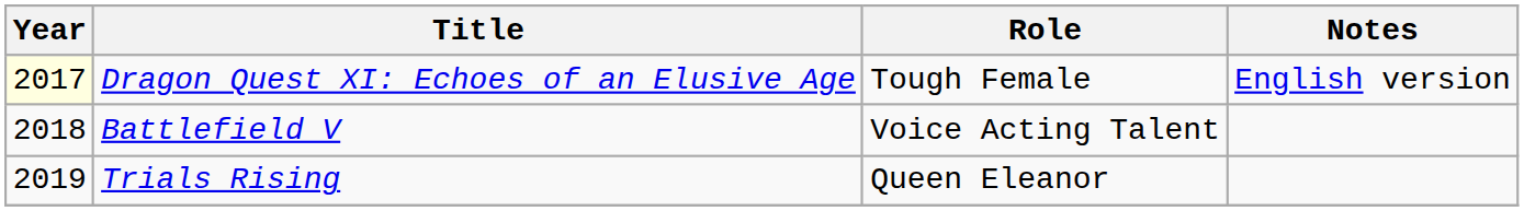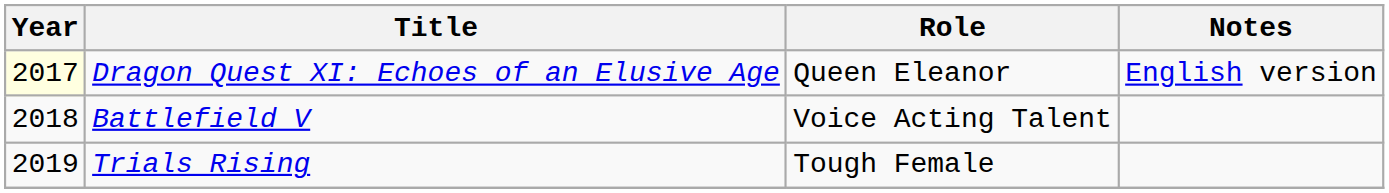 <table class="wikitable sortable">
 <tr>
 <th>Year</th>
 <th>Title</th>
 <th>Role</th>
 <th class="unsortable">Notes</th>
 </tr>
 <tr>
 <td style="background: lightyellow;">2017</td>
 <td><em><a href='#'>Dragon Quest XI: Echoes of an Elusive Age</a></em></td>
-<td>Tough Female</td>
+<td>Queen Eleanor</td>
 <td><a href='#'>English</a> version</td>
 </tr>
 <tr>
 <td>2018</td>
 <td><em><a href='#'>Battlefield V</a></em></td>
 <td>Voice Acting Talent</td>
 <td></td>
 </tr>
 <tr>
 <td>2019</td>
 <td><em><a href='#'>Trials Rising</a></em></td>
-<td>Queen Eleanor</td>
+<td>Tough Female</td>
 <td></td>
 </tr>
 <tr>
 </tr>
 </table>
